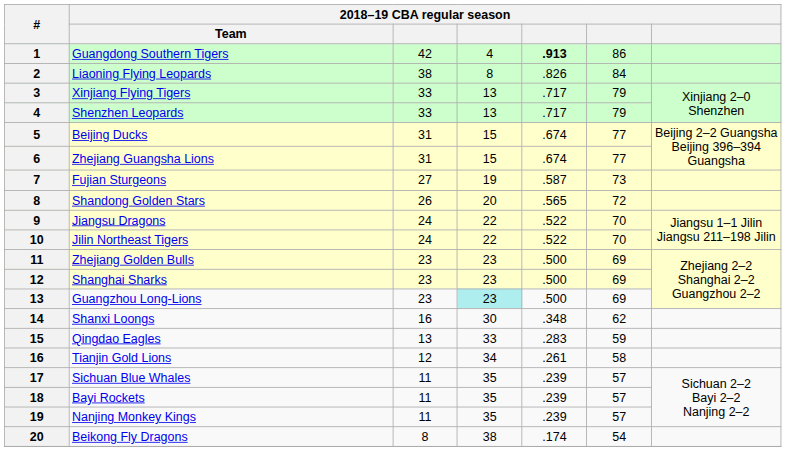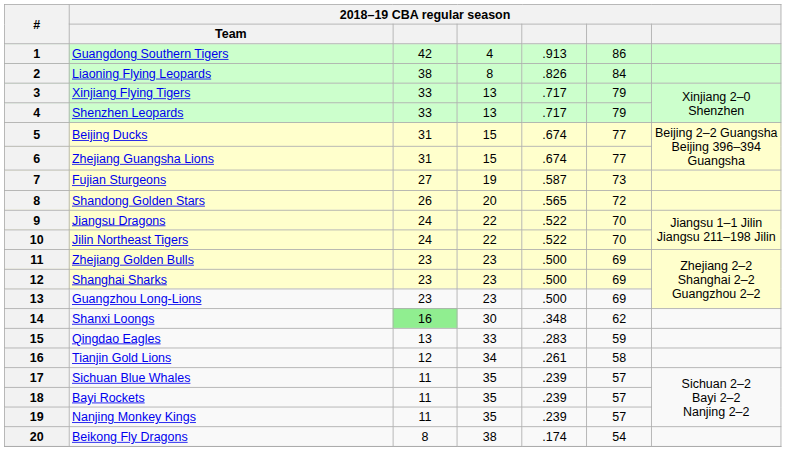 <table class="wikitable"  style="width:75%; font-size:95%;">
 <tr>
 <th style="width:5%;" rowspan="2">#</th>
 <th colspan="6" style="text-align:center;">2018–19 CBA regular season</th>
 </tr>
 <tr style="text-align:center;">
 <th style="width:25%;">Team</th>
 <th style="width:5%;"></th>
 <th style="width:5%;"></th>
 <th style="width:5%;"></th>
 <th style="width:5%;"></th>
 <th style="width:10%;"></th>
 </tr>
 <tr style="text-align:center; background:#cfc;">
 <th>1</th>
 <td style="text-align:left;"><a href='#'>Guangdong Southern Tigers</a></td>
 <td>42</td>
 <td>4</td>
-<td><strong>.913</strong></td>
+<td>.913</td>
 <td>86</td>
 <td></td>
 </tr>
 <tr style="text-align:center; background:#cfc;">
 <th>2</th>
 <td style="text-align:left;"><a href='#'>Liaoning Flying Leopards</a></td>
 <td>38</td>
 <td>8</td>
 <td>.826</td>
 <td>84</td>
 <td></td>
 </tr>
 <tr style="text-align:center; background:#cfc;">
 <th>3</th>
 <td style="text-align:left;"><a href='#'>Xinjiang Flying Tigers</a></td>
 <td>33</td>
 <td>13</td>
 <td>.717</td>
 <td>79</td>
 <td rowspan=2>Xinjiang 2–0 Shenzhen</td>
 </tr>
 <tr style="text-align:center; background:#cfc;">
 <th>4</th>
 <td style="text-align:left;"><a href='#'>Shenzhen Leopards</a></td>
 <td>33</td>
 <td>13</td>
 <td>.717</td>
 <td>79</td>
 </tr>
 <tr style="text-align:center; background:#ffc;">
 <th>5</th>
 <td style="text-align:left;"><a href='#'>Beijing Ducks</a></td>
 <td>31</td>
 <td>15</td>
 <td>.674</td>
 <td>77</td>
 <td rowspan=2>Beijing 2–2 Guangsha<br>Beijing 396–394 Guangsha</td>
 </tr>
 <tr style="text-align:center; background:#ffc;">
 <th>6</th>
 <td style="text-align:left;"><a href='#'>Zhejiang Guangsha Lions</a></td>
 <td>31</td>
 <td>15</td>
 <td>.674</td>
 <td>77</td>
 </tr>
 <tr style="text-align:center; background:#ffc;">
 <th>7</th>
 <td style="text-align:left;"><a href='#'>Fujian Sturgeons</a></td>
 <td>27</td>
 <td>19</td>
 <td>.587</td>
 <td>73</td>
 <td></td>
 </tr>
 <tr style="text-align:center; background:#ffc;">
 <th>8</th>
 <td style="text-align:left;"><a href='#'>Shandong Golden Stars</a></td>
 <td>26</td>
 <td>20</td>
 <td>.565</td>
 <td>72</td>
 <td></td>
 </tr>
 <tr style="text-align:center; background:#ffc;">
 <th>9</th>
 <td style="text-align:left;"><a href='#'>Jiangsu Dragons</a></td>
 <td>24</td>
 <td>22</td>
 <td>.522</td>
 <td>70</td>
 <td rowspan=2>Jiangsu 1–1 Jilin<br>Jiangsu 211–198 Jilin</td>
 </tr>
 <tr style="text-align:center; background:#ffc;">
 <th>10</th>
 <td style="text-align:left;"><a href='#'>Jilin Northeast Tigers</a></td>
 <td>24</td>
 <td>22</td>
 <td>.522</td>
 <td>70</td>
 </tr>
 <tr style="text-align:center; background:#ffc;">
 <th>11</th>
 <td style="text-align:left;"><a href='#'>Zhejiang Golden Bulls</a></td>
 <td>23</td>
 <td>23</td>
 <td>.500</td>
 <td>69</td>
 <td rowspan=3>Zhejiang 2–2<br>Shanghai 2–2<br>Guangzhou 2–2<br></td>
 </tr>
 <tr style="text-align:center; background:#ffc;">
 <th>12</th>
 <td style="text-align:left;"><a href='#'>Shanghai Sharks</a></td>
 <td>23</td>
 <td>23</td>
 <td>.500</td>
 <td>69</td>
 </tr>
 <tr style="text-align:center;">
 <th>13</th>
 <td style="text-align:left;"><a href='#'>Guangzhou Long-Lions</a></td>
 <td>23</td>
-<td style="background: paleturquoise;">23</td>
+<td>23</td>
 <td>.500</td>
 <td>69</td>
 </tr>
 <tr style="text-align:center;">
 <th>14</th>
 <td style="text-align:left;"><a href='#'>Shanxi Loongs</a></td>
-<td>16</td>
+<td style="background: lightgreen;">16</td>
 <td>30</td>
 <td>.348</td>
 <td>62</td>
 <td></td>
 </tr>
 <tr style="text-align:center;">
 <th>15</th>
 <td style="text-align:left;"><a href='#'>Qingdao Eagles</a></td>
 <td>13</td>
 <td>33</td>
 <td>.283</td>
 <td>59</td>
 <td></td>
 </tr>
 <tr style="text-align:center;">
 <th>16</th>
 <td style="text-align:left;"><a href='#'>Tianjin Gold Lions</a></td>
 <td>12</td>
 <td>34</td>
 <td>.261</td>
 <td>58</td>
 <td></td>
 </tr>
 <tr style="text-align:center;">
 <th>17</th>
 <td style="text-align:left;"><a href='#'>Sichuan Blue Whales</a></td>
 <td>11</td>
 <td>35</td>
 <td>.239</td>
 <td>57</td>
 <td rowspan=3>Sichuan 2–2<br>Bayi 2–2<br>Nanjing 2–2<br></td>
 </tr>
 <tr style="text-align:center;">
 <th>18</th>
 <td style="text-align:left;"><a href='#'>Bayi Rockets</a></td>
 <td>11</td>
 <td>35</td>
 <td>.239</td>
 <td>57</td>
 </tr>
 <tr style="text-align:center;">
 <th>19</th>
 <td style="text-align:left;"><a href='#'>Nanjing Monkey Kings</a></td>
 <td>11</td>
 <td>35</td>
 <td>.239</td>
 <td>57</td>
 </tr>
 <tr style="text-align:center;">
 <th>20</th>
 <td style="text-align:left;"><a href='#'>Beikong Fly Dragons</a></td>
 <td>8</td>
 <td>38</td>
 <td>.174</td>
 <td>54</td>
 <td></td>
 </tr>
 <tr style="text-align:center;">
 </tr>
 </table>
